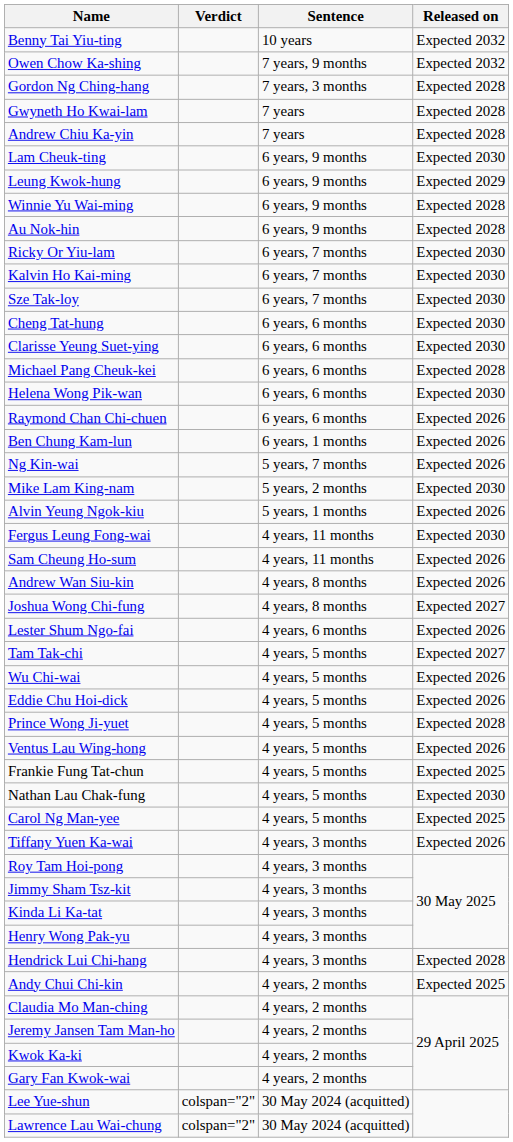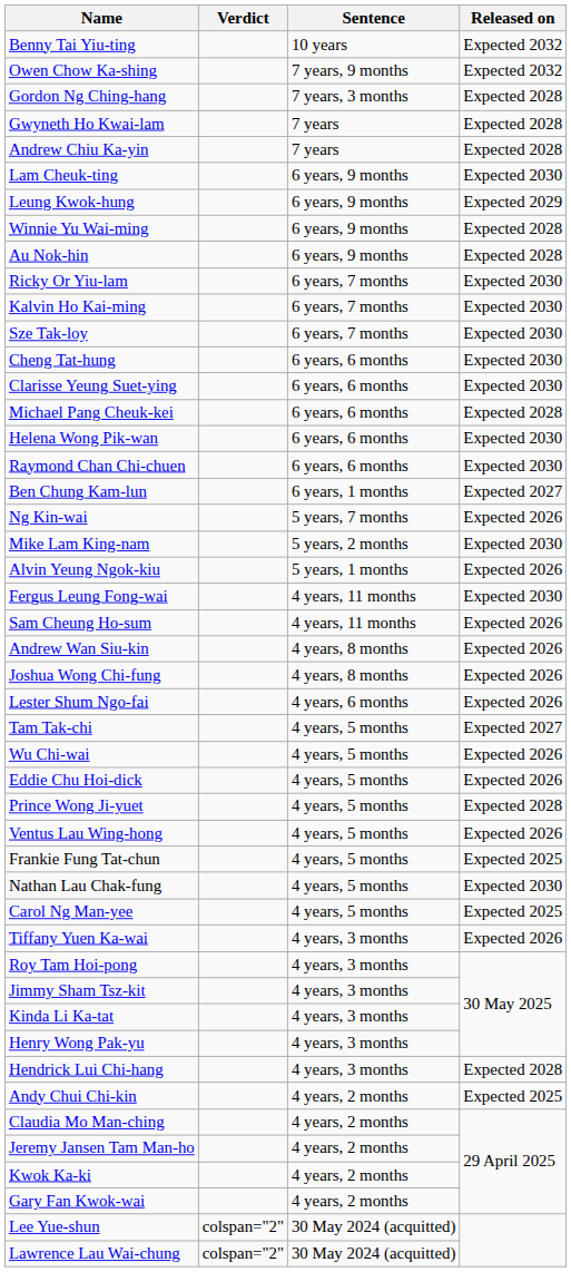 <table class="wikitable sortable">
 <tr>
 <th>Name</th>
 <th>Verdict</th>
 <th>Sentence</th>
 <th>Released on</th>
 </tr>
 <tr>
 <td><a href='#'>Benny Tai Yiu-ting</a></td>
 <td></td>
 <td>10 years</td>
 <td>Expected 2032</td>
 </tr>
 <tr>
 <td><a href='#'>Owen Chow Ka-shing</a></td>
 <td></td>
 <td>7 years, 9 months</td>
 <td>Expected 2032</td>
 </tr>
 <tr>
 <td><a href='#'>Gordon Ng Ching-hang</a></td>
 <td></td>
 <td>7 years, 3 months</td>
 <td>Expected 2028</td>
 </tr>
 <tr>
 <td><a href='#'>Gwyneth Ho Kwai-lam</a></td>
 <td></td>
 <td>7 years</td>
 <td>Expected 2028</td>
 </tr>
 <tr>
 <td><a href='#'>Andrew Chiu Ka-yin</a></td>
 <td></td>
 <td>7 years</td>
 <td>Expected 2028</td>
 </tr>
 <tr>
 <td><a href='#'>Lam Cheuk-ting</a></td>
 <td></td>
 <td>6 years, 9 months</td>
 <td>Expected 2030</td>
 </tr>
 <tr>
 <td><a href='#'>Leung Kwok-hung</a></td>
 <td></td>
 <td>6 years, 9 months</td>
 <td>Expected 2029</td>
 </tr>
 <tr>
 <td><a href='#'>Winnie Yu Wai-ming</a></td>
 <td></td>
 <td>6 years, 9 months</td>
 <td>Expected 2028</td>
 </tr>
 <tr>
 <td><a href='#'>Au Nok-hin</a></td>
 <td></td>
 <td>6 years, 9 months</td>
 <td>Expected 2028</td>
 </tr>
 <tr>
 <td><a href='#'>Ricky Or Yiu-lam</a></td>
 <td></td>
 <td>6 years, 7 months</td>
 <td>Expected 2030</td>
 </tr>
 <tr>
 <td><a href='#'>Kalvin Ho Kai-ming</a></td>
 <td></td>
 <td>6 years, 7 months</td>
 <td>Expected 2030</td>
 </tr>
 <tr>
 <td><a href='#'>Sze Tak-loy</a></td>
 <td></td>
 <td>6 years, 7 months</td>
 <td>Expected 2030</td>
 </tr>
 <tr>
 <td><a href='#'>Cheng Tat-hung</a></td>
 <td></td>
 <td>6 years, 6 months</td>
 <td>Expected 2030</td>
 </tr>
 <tr>
 <td><a href='#'>Clarisse Yeung Suet-ying</a></td>
 <td></td>
 <td>6 years, 6 months</td>
 <td>Expected 2030</td>
 </tr>
 <tr>
 <td><a href='#'>Michael Pang Cheuk-kei</a></td>
 <td></td>
 <td>6 years, 6 months</td>
 <td>Expected 2028</td>
 </tr>
 <tr>
 <td><a href='#'>Helena Wong Pik-wan</a></td>
 <td></td>
 <td>6 years, 6 months</td>
 <td>Expected 2030</td>
 </tr>
 <tr>
 <td><a href='#'>Raymond Chan Chi-chuen</a></td>
 <td></td>
 <td>6 years, 6 months</td>
-<td>Expected 2026</td>
+<td>Expected 2030</td>
 </tr>
 <tr>
 <td><a href='#'>Ben Chung Kam-lun</a></td>
 <td></td>
 <td>6 years, 1 months</td>
-<td>Expected 2026</td>
+<td>Expected 2027</td>
 </tr>
 <tr>
 <td><a href='#'>Ng Kin-wai</a></td>
 <td></td>
 <td>5 years, 7 months</td>
 <td>Expected 2026</td>
 </tr>
 <tr>
 <td><a href='#'>Mike Lam King-nam</a></td>
 <td></td>
 <td>5 years, 2 months</td>
 <td>Expected 2030</td>
 </tr>
 <tr>
 <td><a href='#'>Alvin Yeung Ngok-kiu</a></td>
 <td></td>
 <td>5 years, 1 months</td>
 <td>Expected 2026</td>
 </tr>
 <tr>
 <td><a href='#'>Fergus Leung Fong-wai</a></td>
 <td></td>
 <td>4 years, 11 months</td>
 <td>Expected 2030</td>
 </tr>
 <tr>
 <td><a href='#'>Sam Cheung Ho-sum</a></td>
 <td></td>
 <td>4 years, 11 months</td>
 <td>Expected 2026</td>
 </tr>
 <tr>
 <td><a href='#'>Andrew Wan Siu-kin</a></td>
 <td></td>
 <td>4 years, 8 months</td>
 <td>Expected 2026</td>
 </tr>
 <tr>
 <td><a href='#'>Joshua Wong Chi-fung</a></td>
 <td></td>
 <td>4 years, 8 months</td>
-<td>Expected 2027</td>
+<td>Expected 2026</td>
 </tr>
 <tr>
 <td><a href='#'>Lester Shum Ngo-fai</a></td>
 <td></td>
 <td>4 years, 6 months</td>
 <td>Expected 2026</td>
 </tr>
 <tr>
 <td><a href='#'>Tam Tak-chi</a></td>
 <td></td>
 <td>4 years, 5 months</td>
 <td>Expected 2027</td>
 </tr>
 <tr>
 <td><a href='#'>Wu Chi-wai</a></td>
 <td></td>
 <td>4 years, 5 months</td>
 <td>Expected 2026</td>
 </tr>
 <tr>
 <td><a href='#'>Eddie Chu Hoi-dick</a></td>
 <td></td>
 <td>4 years, 5 months</td>
 <td>Expected 2026</td>
 </tr>
 <tr>
 <td><a href='#'>Prince Wong Ji-yuet</a></td>
 <td></td>
 <td>4 years, 5 months</td>
 <td>Expected 2028</td>
 </tr>
 <tr>
 <td><a href='#'>Ventus Lau Wing-hong</a></td>
 <td></td>
 <td>4 years, 5 months</td>
 <td>Expected 2026</td>
 </tr>
 <tr>
 <td>Frankie Fung Tat-chun</td>
 <td></td>
 <td>4 years, 5 months</td>
 <td>Expected 2025</td>
 </tr>
 <tr>
 <td>Nathan Lau Chak-fung</td>
 <td></td>
 <td>4 years, 5 months</td>
 <td>Expected 2030</td>
 </tr>
 <tr>
 <td><a href='#'>Carol Ng Man-yee</a></td>
 <td></td>
 <td>4 years, 5 months</td>
 <td>Expected 2025</td>
 </tr>
 <tr>
 <td><a href='#'>Tiffany Yuen Ka-wai</a></td>
 <td></td>
 <td>4 years, 3 months</td>
 <td>Expected 2026</td>
 </tr>
 <tr>
 <td><a href='#'>Roy Tam Hoi-pong</a></td>
 <td></td>
 <td>4 years, 3 months</td>
 <td rowspan="4">30 May 2025</td>
 </tr>
 <tr>
 <td><a href='#'>Jimmy Sham Tsz-kit</a></td>
 <td></td>
 <td>4 years, 3 months</td>
 </tr>
 <tr>
 <td><a href='#'>Kinda Li Ka-tat</a></td>
 <td></td>
 <td>4 years, 3 months</td>
 </tr>
 <tr>
 <td><a href='#'>Henry Wong Pak-yu</a></td>
 <td></td>
 <td>4 years, 3 months</td>
 </tr>
 <tr>
 <td><a href='#'>Hendrick Lui Chi-hang</a></td>
 <td></td>
 <td>4 years, 3 months</td>
 <td>Expected 2028</td>
 </tr>
 <tr>
 <td><a href='#'>Andy Chui Chi-kin</a></td>
 <td></td>
 <td>4 years, 2 months</td>
 <td>Expected 2025</td>
 </tr>
 <tr>
 <td><a href='#'>Claudia Mo Man-ching</a></td>
 <td></td>
 <td>4 years, 2 months</td>
 <td rowspan="4">29 April 2025</td>
 </tr>
 <tr>
 <td><a href='#'>Jeremy Jansen Tam Man-ho</a></td>
 <td></td>
 <td>4 years, 2 months</td>
 </tr>
 <tr>
 <td><a href='#'>Kwok Ka-ki</a></td>
 <td></td>
 <td>4 years, 2 months</td>
 </tr>
 <tr>
 <td><a href='#'>Gary Fan Kwok-wai</a></td>
 <td></td>
 <td>4 years, 2 months</td>
 </tr>
 <tr>
 <td><a href='#'>Lee Yue-shun</a></td>
 <td>colspan="2" </td>
 <td>30 May 2024 (acquitted)</td>
 </tr>
 <tr>
 <td><a href='#'>Lawrence Lau Wai-chung</a></td>
 <td>colspan="2" </td>
 <td>30 May 2024 (acquitted)</td>
 </tr>
 </table>
